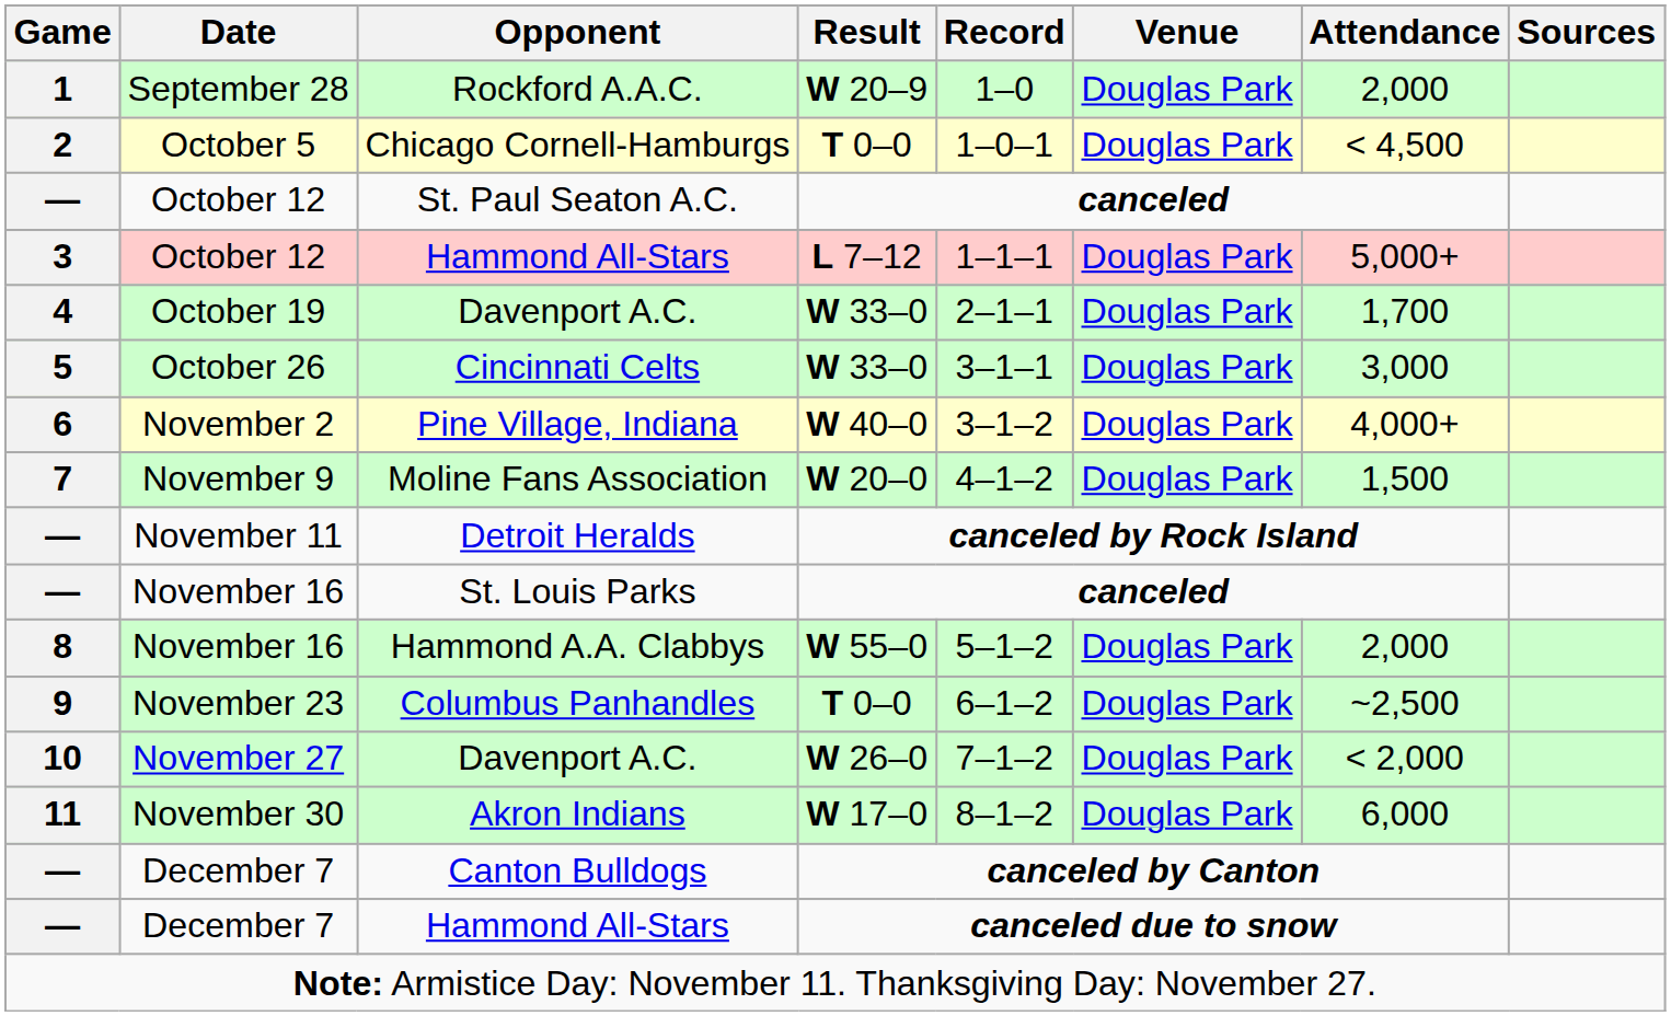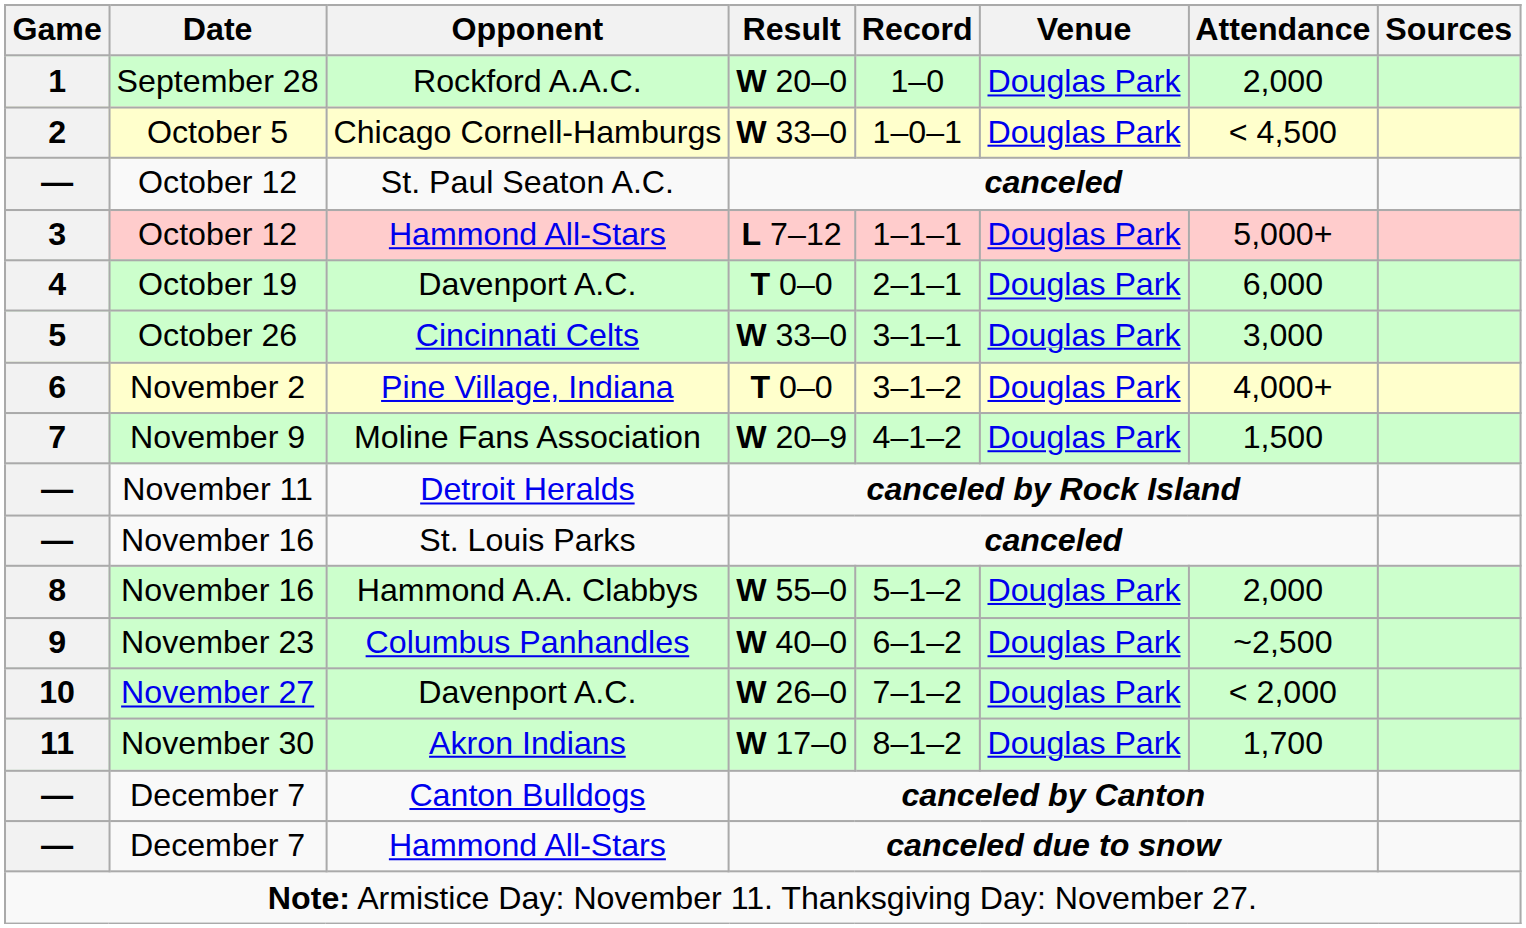 <table class="wikitable" style="text-align:center">
 <tr>
 <th>Game</th>
 <th>Date</th>
 <th>Opponent</th>
 <th>Result</th>
 <th>Record</th>
 <th>Venue</th>
 <th>Attendance</th>
 <th>Sources</th>
 </tr>
 <tr style="background:#cfc">
 <th>1</th>
 <td>September 28</td>
 <td>Rockford A.A.C.</td>
-<td><strong>W</strong> 20–9</td>
+<td><strong>W</strong> 20–0</td>
 <td>1–0</td>
 <td><a href='#'>Douglas Park</a></td>
 <td>2,000</td>
 <td></td>
 </tr>
 <tr style="background:#ffc">
 <th>2</th>
 <td>October 5</td>
 <td>Chicago Cornell-Hamburgs</td>
-<td><strong>T</strong> 0–0</td>
+<td><strong>W</strong> 33–0</td>
 <td>1–0–1</td>
 <td><a href='#'>Douglas Park</a></td>
 <td>< 4,500</td>
 <td></td>
 </tr>
 <tr>
 <th>—</th>
 <td>October 12</td>
 <td>St. Paul Seaton A.C.</td>
 <td colspan="4"><strong><em>canceled</em></strong></td>
 <td></td>
 </tr>
 <tr style="background:#fcc">
 <th>3</th>
 <td>October 12</td>
 <td><a href='#'>Hammond All-Stars</a></td>
 <td><strong>L</strong> 7–12</td>
 <td>1–1–1</td>
 <td><a href='#'>Douglas Park</a></td>
 <td>5,000+</td>
 <td></td>
 </tr>
 <tr style="background:#cfc">
 <th>4</th>
 <td>October 19</td>
 <td>Davenport A.C.</td>
-<td><strong>W</strong> 33–0</td>
+<td><strong>T</strong> 0–0</td>
 <td>2–1–1</td>
 <td><a href='#'>Douglas Park</a></td>
-<td>1,700</td>
+<td>6,000</td>
 <td></td>
 </tr>
 <tr style="background:#cfc">
 <th>5</th>
 <td>October 26</td>
 <td><a href='#'>Cincinnati Celts</a></td>
 <td><strong>W</strong> 33–0</td>
 <td>3–1–1</td>
 <td><a href='#'>Douglas Park</a></td>
 <td>3,000</td>
 <td></td>
 </tr>
 <tr style="background:#ffc">
 <th>6</th>
 <td>November 2</td>
 <td><a href='#'>Pine Village, Indiana</a></td>
-<td><strong>W</strong> 40–0</td>
+<td><strong>T</strong> 0–0</td>
 <td>3–1–2</td>
 <td><a href='#'>Douglas Park</a></td>
 <td>4,000+</td>
 <td></td>
 </tr>
 <tr style="background:#cfc">
 <th>7</th>
 <td>November 9</td>
 <td>Moline Fans Association</td>
-<td><strong>W</strong> 20–0</td>
+<td><strong>W</strong> 20–9</td>
 <td>4–1–2</td>
 <td><a href='#'>Douglas Park</a></td>
 <td>1,500</td>
 <td></td>
 </tr>
 <tr>
 <th>—</th>
 <td>November 11</td>
 <td><a href='#'>Detroit Heralds</a></td>
 <td colspan="4"><strong><em>canceled by Rock Island</em></strong></td>
 <td></td>
 </tr>
 <tr>
 <th>—</th>
 <td>November 16</td>
 <td>St. Louis Parks</td>
 <td colspan="4"><strong><em>canceled</em></strong></td>
 <td></td>
 </tr>
 <tr style="background: #cfc">
 <th>8</th>
 <td>November 16</td>
 <td>Hammond A.A. Clabbys</td>
 <td><strong>W</strong> 55–0</td>
 <td>5–1–2</td>
 <td><a href='#'>Douglas Park</a></td>
 <td>2,000</td>
 <td></td>
 </tr>
 <tr style="background:#cfc">
 <th>9</th>
 <td>November 23</td>
 <td><a href='#'>Columbus Panhandles</a></td>
-<td><strong>T</strong> 0–0</td>
+<td><strong>W</strong> 40–0</td>
 <td>6–1–2</td>
 <td><a href='#'>Douglas Park</a></td>
 <td>~2,500</td>
 <td></td>
 </tr>
 <tr style="background:#cfc">
 <th>10</th>
 <td><a href='#'>November 27</a></td>
 <td>Davenport A.C.</td>
 <td><strong>W</strong> 26–0</td>
 <td>7–1–2</td>
 <td><a href='#'>Douglas Park</a></td>
 <td>< 2,000</td>
 <td></td>
 </tr>
 <tr style="background:#cfc">
 <th>11</th>
 <td>November 30</td>
 <td><a href='#'>Akron Indians</a></td>
 <td><strong>W</strong> 17–0</td>
 <td>8–1–2</td>
 <td><a href='#'>Douglas Park</a></td>
-<td>6,000</td>
+<td>1,700</td>
 <td></td>
 </tr>
 <tr>
 <th>—</th>
 <td>December 7</td>
 <td><a href='#'>Canton Bulldogs</a></td>
 <td colspan="4"><strong><em>canceled by Canton</em></strong></td>
 <td></td>
 </tr>
 <tr>
 <th>—</th>
 <td>December 7</td>
 <td><a href='#'>Hammond All-Stars</a></td>
 <td colspan="4"><strong><em>canceled due to snow</em></strong></td>
 <td></td>
 </tr>
 <tr>
 <td colspan="10"><strong>Note:</strong> Armistice Day: November 11. Thanksgiving Day: November 27.</td>
 </tr>
 </table>
